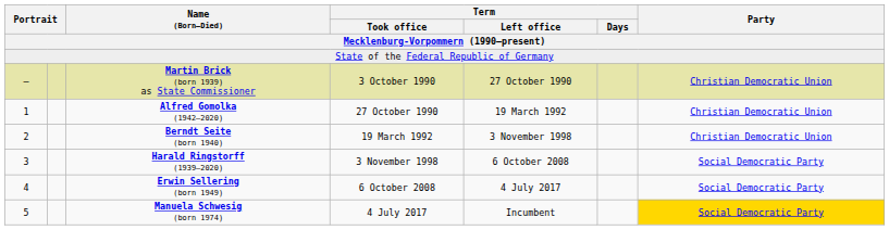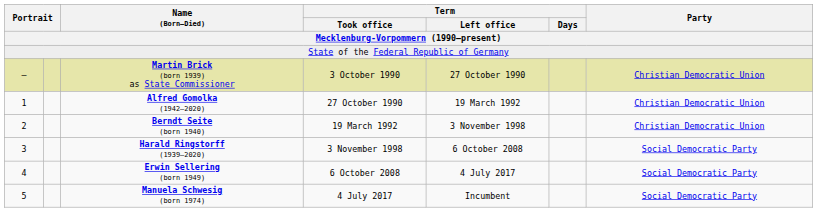 <table class="wikitable" style="text-align:center; width:100%; border:1px #AAAAFF solid">
 <tr>
 <th width=80px rowspan=2 colspan=2>Portrait</th>
 <th width=30% rowspan=2>Name<br><small>(Born–Died)</small></th>
 <th width=35% colspan=3>Term</th>
 <th width=28% rowspan=2>Party</th>
 </tr>
 <tr>
 <th>Took office</th>
 <th>Left office</th>
 <th>Days</th>
 </tr>
 <tr>
 <th colspan="7"><a href='#'>Mecklenburg-Vorpommern</a> (1990–present)</th>
 </tr>
 <tr>
 <td bgcolor=#EEEEEE colspan=8><a href='#'>State</a> of the <a href='#'>Federal Republic of Germany</a></td>
 </tr>
 <tr style="background-color: #E6E6AA">
 <td style="background:">–</td>
 <td></td>
 <td><strong><a href='#'>Martin Brick</a></strong><br><small>(born 1939) </small><br>as <a href='#'>State Commissioner</a></td>
 <td>3 October 1990</td>
 <td>27 October 1990</td>
 <td></td>
 <td><a href='#'>Christian Democratic Union</a></td>
 </tr>
 <tr>
 <td style="background:">1</td>
 <td></td>
 <td><strong><a href='#'>Alfred Gomolka</a></strong><br><small>(1942–2020)</small></td>
 <td>27 October 1990</td>
 <td>19 March 1992<br></td>
 <td></td>
 <td><a href='#'>Christian Democratic Union</a></td>
 </tr>
 <tr>
 <td style="background:">2</td>
 <td></td>
 <td><strong><a href='#'>Berndt Seite</a></strong><br><small>(born 1940)</small></td>
 <td>19 March 1992</td>
 <td>3 November 1998</td>
 <td></td>
 <td><a href='#'>Christian Democratic Union</a></td>
 </tr>
 <tr>
 <td style="background:">3</td>
 <td></td>
 <td><strong><a href='#'>Harald Ringstorff</a></strong><br><small>(1939–2020)</small></td>
 <td>3 November 1998</td>
 <td>6 October 2008<br></td>
 <td></td>
 <td><a href='#'>Social Democratic Party</a></td>
 </tr>
 <tr>
 <td style="background:">4</td>
 <td></td>
 <td><strong><a href='#'>Erwin Sellering</a></strong><br><small>(born 1949)</small></td>
 <td>6 October 2008</td>
 <td>4 July 2017<br></td>
 <td></td>
 <td><a href='#'>Social Democratic Party</a></td>
 </tr>
 <tr>
 <td style="background:">5</td>
 <td></td>
 <td><strong><a href='#'>Manuela Schwesig</a></strong><br><small>(born 1974)</small></td>
 <td>4 July 2017</td>
 <td>Incumbent</td>
 <td></td>
-<td style="background: gold;"><a href='#'>Social Democratic Party</a></td>
+<td><a href='#'>Social Democratic Party</a></td>
 </tr>
 </table>
